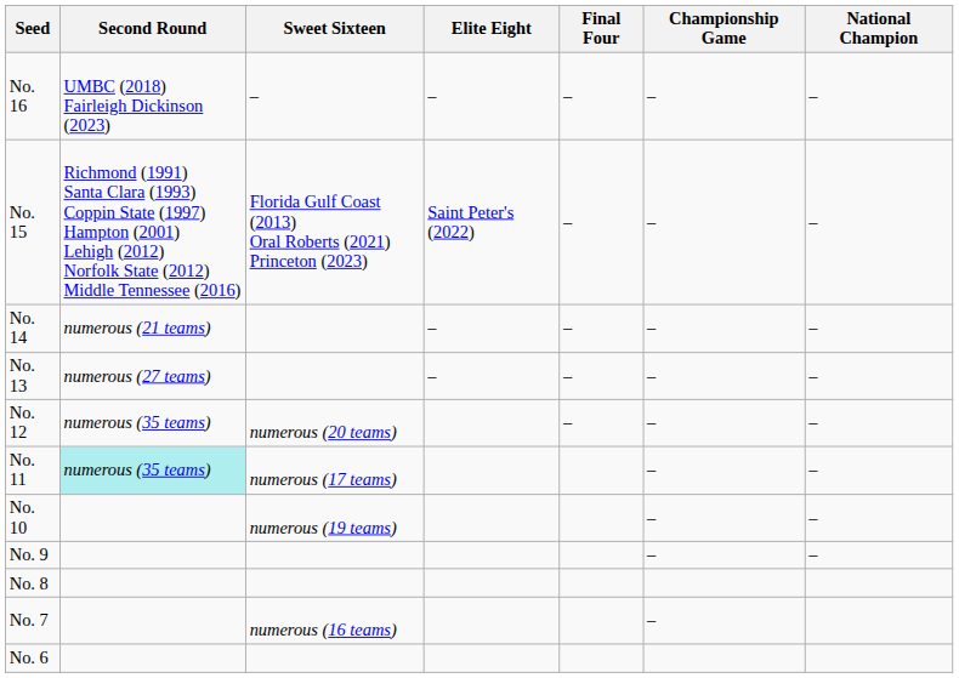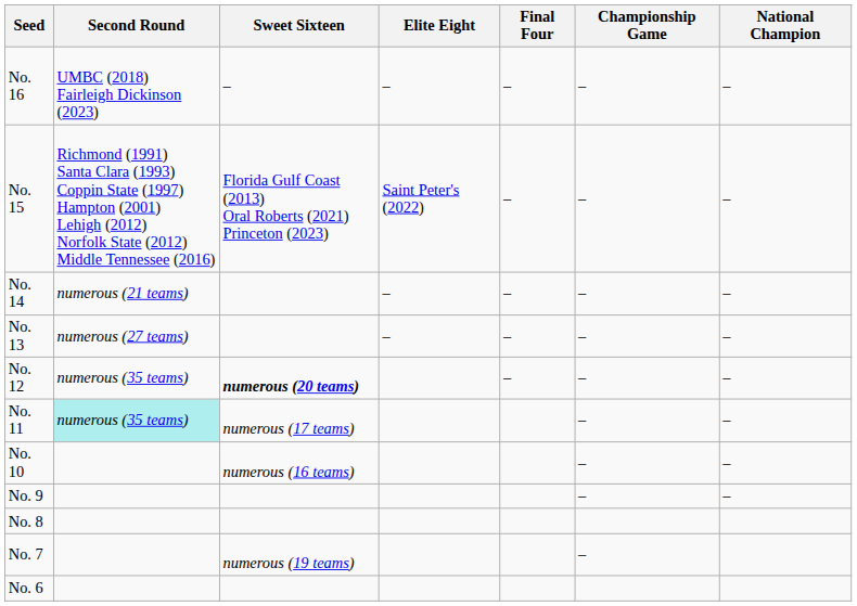 <table class="wikitable">
 <tr>
 <th>Seed</th>
 <th>Second Round</th>
 <th>Sweet Sixteen</th>
 <th>Elite Eight</th>
 <th>Final Four</th>
 <th>Championship Game</th>
 <th>National Champion</th>
 </tr>
 <tr>
 <td>No. 16</td>
 <td><br><a href='#'>UMBC</a> (<a href='#'>2018</a>)<br> <a href='#'>Fairleigh Dickinson</a> (<a href='#'>2023</a>)<br></td>
 <td>–</td>
 <td>–</td>
 <td>–</td>
 <td>–</td>
 <td>–</td>
 </tr>
 <tr>
 <td>No. 15</td>
 <td><br><a href='#'>Richmond</a> (<a href='#'>1991</a>)<br> <a href='#'>Santa Clara</a> (<a href='#'>1993</a>)<br> <a href='#'>Coppin State</a> (<a href='#'>1997</a>)<br> <a href='#'>Hampton</a> (<a href='#'>2001</a>)<br> <a href='#'>Lehigh</a> (<a href='#'>2012</a>)<br> <a href='#'>Norfolk State</a> (<a href='#'>2012</a>)<br> <a href='#'>Middle Tennessee</a> (<a href='#'>2016</a>)<br></td>
 <td><br><a href='#'>Florida Gulf Coast</a> (<a href='#'>2013</a>)<br> <a href='#'>Oral Roberts</a> (<a href='#'>2021</a>) <br> <a href='#'>Princeton</a> (<a href='#'>2023</a>)<br></td>
 <td><a href='#'>Saint Peter's</a> (<a href='#'>2022</a>)</td>
 <td>–</td>
 <td>–</td>
 <td>–</td>
 </tr>
 <tr>
 <td>No. 14</td>
 <td><em>numerous (<a href='#'>21 teams</a>)</em></td>
 <td><br></td>
 <td>–</td>
 <td>–</td>
 <td>–</td>
 <td>–</td>
 </tr>
 <tr>
 <td>No. 13</td>
 <td><em>numerous (<a href='#'>27 teams</a>)</em></td>
 <td><br></td>
 <td>–</td>
 <td>–</td>
 <td>–</td>
 <td>–</td>
 </tr>
 <tr>
 <td>No. 12</td>
 <td><em>numerous (<a href='#'>35 teams</a>)</em></td>
-<td><br><em>numerous (<a href='#'>20 teams</a>)</em></td>
+<td><strong><br><em>numerous (<a href='#'>20 teams</a>)</em></strong></td>
 <td></td>
 <td>–</td>
 <td>–</td>
 <td>–</td>
 </tr>
 <tr>
 <td>No. 11</td>
 <td style="background: paleturquoise;"><em>numerous (<a href='#'>35 teams</a>)</em></td>
 <td><br><em>numerous (<a href='#'>17 teams</a>)</em></td>
 <td></td>
 <td></td>
 <td>–</td>
 <td>–</td>
 </tr>
 <tr>
 <td>No. 10</td>
 <td></td>
-<td><br><em>numerous (<a href='#'>19 teams</a>)</em></td>
+<td><br><em>numerous (<a href='#'>16 teams</a>)</em></td>
 <td></td>
 <td></td>
 <td>–</td>
 <td>–</td>
 </tr>
 <tr>
 <td>No. 9</td>
 <td></td>
 <td></td>
 <td></td>
 <td></td>
 <td>–</td>
 <td>–</td>
 </tr>
 <tr>
 <td>No. 8</td>
 <td></td>
 <td><br></td>
 <td><br></td>
 <td><br></td>
 <td><br></td>
 <td><br></td>
 </tr>
 <tr>
 <td>No. 7</td>
 <td></td>
-<td><br><em>numerous (<a href='#'>16 teams</a>)</em></td>
+<td><br><em>numerous (<a href='#'>19 teams</a>)</em></td>
 <td><br></td>
 <td><br></td>
 <td>–</td>
 <td><br></td>
 </tr>
 <tr>
 <td>No. 6</td>
 <td></td>
 <td></td>
 <td></td>
 <td></td>
 <td></td>
 <td></td>
 </tr>
 </table>
